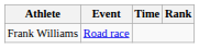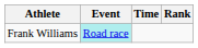 <table class="wikitable" style="font-size:90%">
 <tr>
 <th>Athlete</th>
 <th>Event</th>
 <th>Time</th>
 <th>Rank</th>
 </tr>
 <tr align=center>
 <td align=left>Frank Williams</td>
-<td align=left><a href='#'>Road race</a></td>
+<td align=left style="background: paleturquoise;"><a href='#'>Road race</a></td>
 <td colspan=2></td>
 </tr>
 </table>
